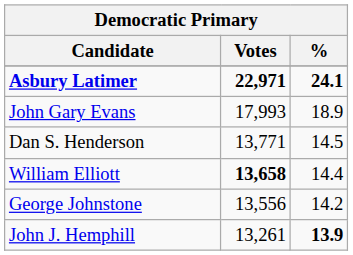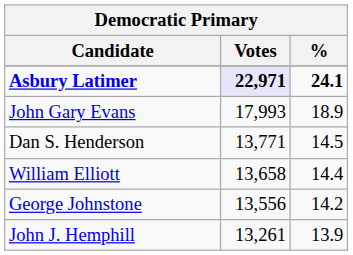 <table class="wikitable" align="left" style="margin: 1em 1em 1em 0; font-size: 95%;">
 <tr>
 <th colspan="3">Democratic Primary</th>
 </tr>
 <tr>
 <th colspan="1" style="width: 170px">Candidate</th>
 <th style="width: 50px">Votes</th>
 <th style="width: 40px">%</th>
 </tr>
 <tr>
 </tr>
 <tr>
 <td><strong><a href='#'>Asbury Latimer</a></strong></td>
-<td align="right"><strong>22,971</strong></td>
+<td align="right" style="background: lavender;"><strong>22,971</strong></td>
 <td align="right"><strong>24.1</strong></td>
 </tr>
 <tr>
 <td><a href='#'>John Gary Evans</a></td>
 <td align="right">17,993</td>
 <td align="right">18.9</td>
 </tr>
 <tr>
 <td>Dan S. Henderson</td>
 <td align="right">13,771</td>
 <td align="right">14.5</td>
 </tr>
 <tr>
 <td><a href='#'>William Elliott</a></td>
-<td align="right"><strong>13,658</strong></td>
+<td align="right">13,658</td>
 <td align="right">14.4</td>
 </tr>
 <tr>
 <td><a href='#'>George Johnstone</a></td>
 <td align="right">13,556</td>
 <td align="right">14.2</td>
 </tr>
 <tr>
 <td><a href='#'>John J. Hemphill</a></td>
 <td align="right">13,261</td>
-<td align="right"><strong>13.9</strong></td>
+<td align="right">13.9</td>
 </tr>
 </table>
